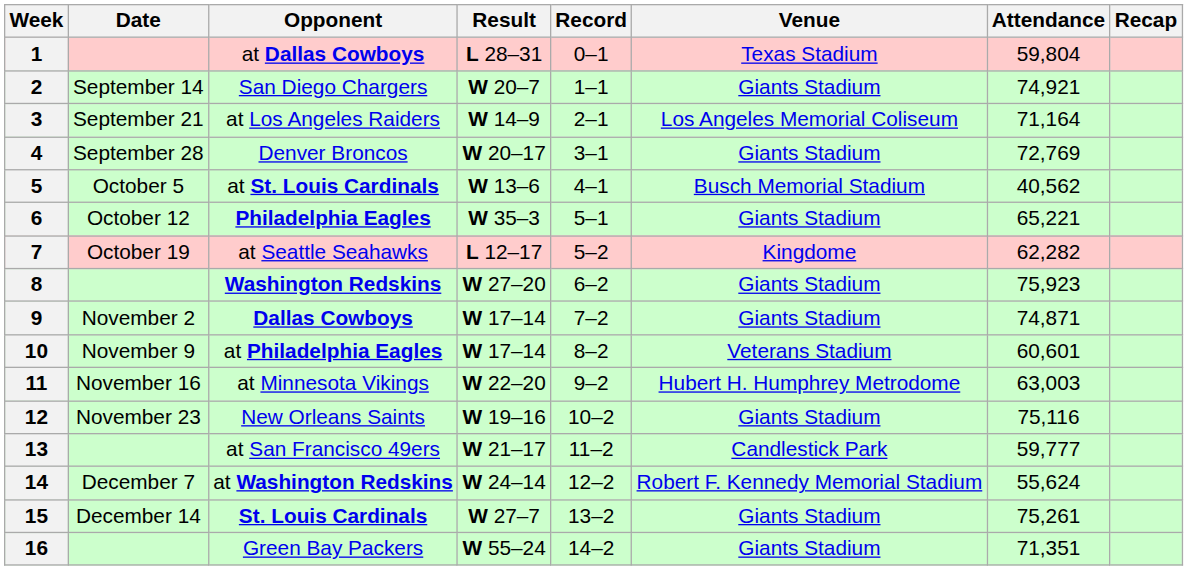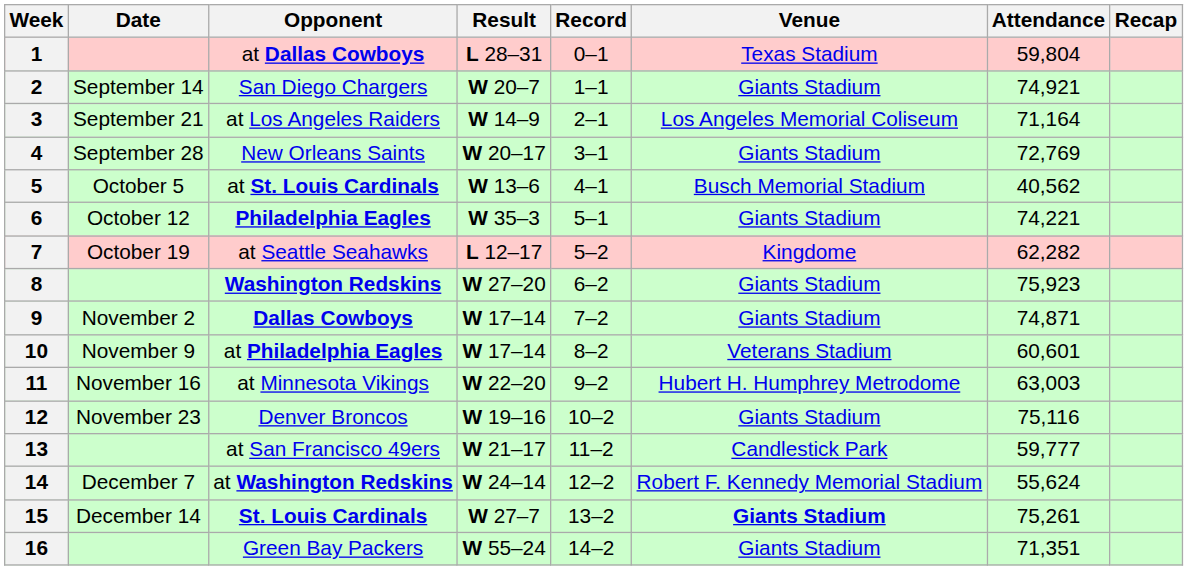 <table class="wikitable" style="text-align:center">
 <tr>
 <th>Week</th>
 <th>Date</th>
 <th>Opponent</th>
 <th>Result</th>
 <th>Record</th>
 <th>Venue</th>
 <th>Attendance</th>
 <th>Recap</th>
 </tr>
 <tr style="text-align:center; background:#fcc;">
 <th>1</th>
 <td></td>
 <td>at <strong><a href='#'>Dallas Cowboys</a></strong></td>
 <td><strong>L</strong> 28–31</td>
 <td>0–1</td>
 <td><a href='#'>Texas Stadium</a></td>
 <td>59,804</td>
 <td></td>
 </tr>
 <tr style="text-align:center; background:#cfc;">
 <th>2</th>
 <td>September 14</td>
 <td><a href='#'>San Diego Chargers</a></td>
 <td><strong>W</strong> 20–7</td>
 <td>1–1</td>
 <td><a href='#'>Giants Stadium</a></td>
 <td>74,921</td>
 <td></td>
 </tr>
 <tr style="text-align:center; background:#cfc;">
 <th>3</th>
 <td>September 21</td>
 <td>at <a href='#'>Los Angeles Raiders</a></td>
 <td><strong>W</strong> 14–9</td>
 <td>2–1</td>
 <td><a href='#'>Los Angeles Memorial Coliseum</a></td>
 <td>71,164</td>
 <td></td>
 </tr>
 <tr style="text-align:center; background:#cfc;">
 <th>4</th>
 <td>September 28</td>
-<td><a href='#'>Denver Broncos</a></td>
+<td><a href='#'>New Orleans Saints</a></td>
 <td><strong>W</strong> 20–17</td>
 <td>3–1</td>
 <td><a href='#'>Giants Stadium</a></td>
 <td>72,769</td>
 <td></td>
 </tr>
 <tr style="text-align:center; background:#cfc;">
 <th>5</th>
 <td>October 5</td>
 <td>at <strong><a href='#'>St. Louis Cardinals</a></strong></td>
 <td><strong>W</strong> 13–6</td>
 <td>4–1</td>
 <td><a href='#'>Busch Memorial Stadium</a></td>
 <td>40,562</td>
 <td></td>
 </tr>
 <tr style="text-align:center; background:#cfc;">
 <th>6</th>
 <td>October 12</td>
 <td><strong><a href='#'>Philadelphia Eagles</a></strong></td>
 <td><strong>W</strong> 35–3</td>
 <td>5–1</td>
 <td><a href='#'>Giants Stadium</a></td>
-<td>65,221</td>
+<td>74,221</td>
 <td></td>
 </tr>
 <tr style="text-align:center; background:#fcc;">
 <th>7</th>
 <td>October 19</td>
 <td>at <a href='#'>Seattle Seahawks</a></td>
 <td><strong>L</strong> 12–17</td>
 <td>5–2</td>
 <td><a href='#'>Kingdome</a></td>
 <td>62,282</td>
 <td></td>
 </tr>
 <tr style="text-align:center; background:#cfc;">
 <th>8</th>
 <td></td>
 <td><strong><a href='#'>Washington Redskins</a></strong></td>
 <td><strong>W</strong> 27–20</td>
 <td>6–2</td>
 <td><a href='#'>Giants Stadium</a></td>
 <td>75,923</td>
 <td></td>
 </tr>
 <tr style="text-align:center; background:#cfc;">
 <th>9</th>
 <td>November 2</td>
 <td><strong><a href='#'>Dallas Cowboys</a></strong></td>
 <td><strong>W</strong> 17–14</td>
 <td>7–2</td>
 <td><a href='#'>Giants Stadium</a></td>
 <td>74,871</td>
 <td></td>
 </tr>
 <tr style="text-align:center; background:#cfc;">
 <th>10</th>
 <td>November 9</td>
 <td>at <strong><a href='#'>Philadelphia Eagles</a></strong></td>
 <td><strong>W</strong> 17–14</td>
 <td>8–2</td>
 <td><a href='#'>Veterans Stadium</a></td>
 <td>60,601</td>
 <td></td>
 </tr>
 <tr style="text-align:center; background:#cfc;">
 <th>11</th>
 <td>November 16</td>
 <td>at <a href='#'>Minnesota Vikings</a></td>
 <td><strong>W</strong> 22–20</td>
 <td>9–2</td>
 <td><a href='#'>Hubert H. Humphrey Metrodome</a></td>
 <td>63,003</td>
 <td></td>
 </tr>
 <tr style="text-align:center; background:#cfc;">
 <th>12</th>
 <td>November 23</td>
-<td><a href='#'>New Orleans Saints</a></td>
+<td><a href='#'>Denver Broncos</a></td>
 <td><strong>W</strong> 19–16</td>
 <td>10–2</td>
 <td><a href='#'>Giants Stadium</a></td>
 <td>75,116</td>
 <td></td>
 </tr>
 <tr style="text-align:center; background:#cfc;">
 <th>13</th>
 <td></td>
 <td>at <a href='#'>San Francisco 49ers</a></td>
 <td><strong>W</strong> 21–17</td>
 <td>11–2</td>
 <td><a href='#'>Candlestick Park</a></td>
 <td>59,777</td>
 <td></td>
 </tr>
 <tr style="text-align:center; background:#cfc;">
 <th>14</th>
 <td>December 7</td>
 <td>at <strong><a href='#'>Washington Redskins</a></strong></td>
 <td><strong>W</strong> 24–14</td>
 <td>12–2</td>
 <td><a href='#'>Robert F. Kennedy Memorial Stadium</a></td>
 <td>55,624</td>
 <td></td>
 </tr>
 <tr style="text-align:center; background:#cfc;">
 <th>15</th>
 <td>December 14</td>
 <td><strong><a href='#'>St. Louis Cardinals</a></strong></td>
 <td><strong>W</strong>  27–7</td>
 <td>13–2</td>
-<td><a href='#'>Giants Stadium</a></td>
+<td><strong><a href='#'>Giants Stadium</a></strong></td>
 <td>75,261</td>
 <td></td>
 </tr>
 <tr style="text-align:center; background:#cfc;">
 <th>16</th>
 <td></td>
 <td><a href='#'>Green Bay Packers</a></td>
 <td><strong>W</strong> 55–24</td>
 <td>14–2</td>
 <td><a href='#'>Giants Stadium</a></td>
 <td>71,351</td>
 <td></td>
 </tr>
 </table>
